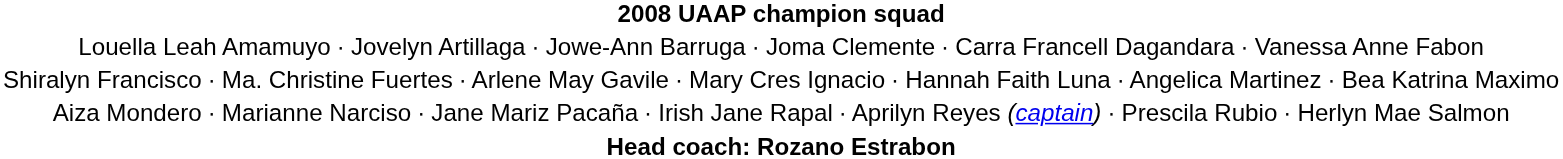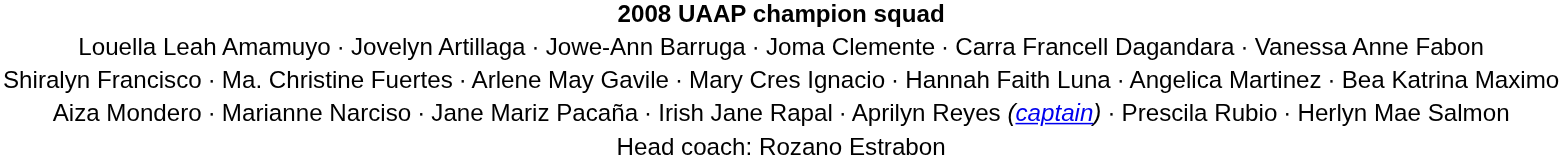 <table class=toccolours style=margin:0.2em width=100%>
 <tr>
 <th style=>2008 UAAP champion squad</th>
 </tr>
 <tr align=center>
 <td>Louella Leah Amamuyo ∙ Jovelyn Artillaga ∙ Jowe-Ann Barruga ∙ Joma Clemente ∙ Carra Francell Dagandara ∙ Vanessa Anne Fabon</td>
 </tr>
 <tr align=center>
 <td>Shiralyn Francisco ∙ Ma. Christine Fuertes ∙ Arlene May Gavile ∙ Mary Cres Ignacio ∙ Hannah Faith Luna ∙ Angelica Martinez ∙ Bea Katrina Maximo</td>
 </tr>
 <tr align=center>
 <td>Aiza Mondero ∙ Marianne Narciso ∙ Jane Mariz Pacaña ∙ Irish Jane Rapal ∙ Aprilyn Reyes <em>(<a href='#'>captain</a>)</em> ∙ Prescila Rubio ∙ Herlyn Mae Salmon</td>
 </tr>
 <tr align=center>
-<td><strong>Head coach: Rozano Estrabon</strong></td>
+<td>Head coach: Rozano Estrabon</td>
 </tr>
 </table>
